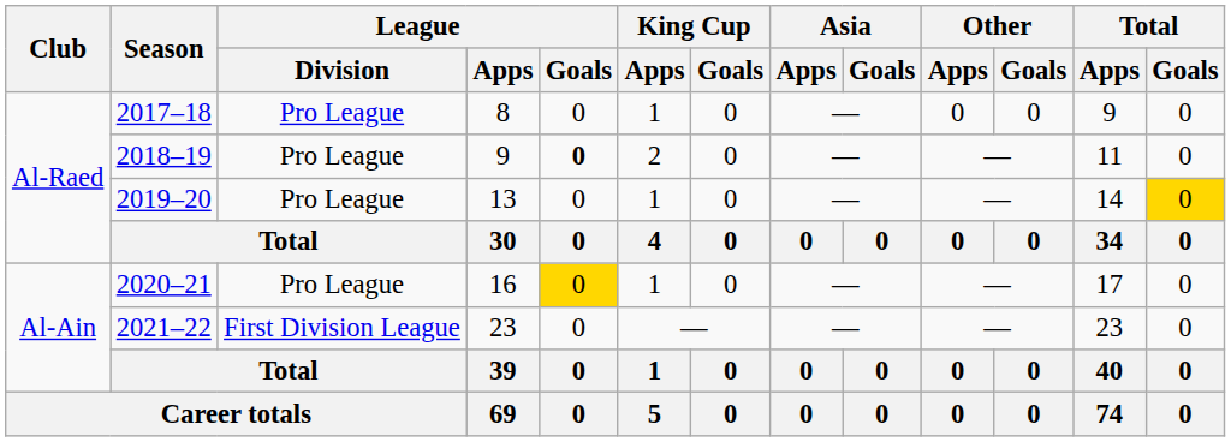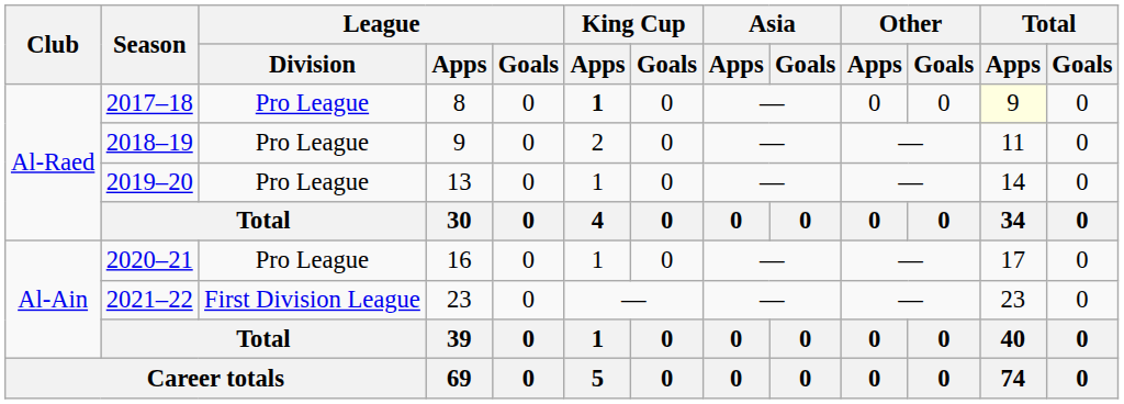 <table class="wikitable" style="text-align: center">
 <tr>
 <th rowspan=2>Club</th>
 <th rowspan=2>Season</th>
 <th colspan=3>League</th>
 <th colspan=2>King Cup</th>
 <th colspan=2>Asia</th>
 <th colspan=2>Other</th>
 <th colspan=2>Total</th>
 </tr>
 <tr>
 <th>Division</th>
 <th>Apps</th>
 <th>Goals</th>
 <th>Apps</th>
 <th>Goals</th>
 <th>Apps</th>
 <th>Goals</th>
 <th>Apps</th>
 <th>Goals</th>
 <th>Apps</th>
 <th>Goals</th>
 </tr>
 <tr>
 <td rowspan=4><a href='#'>Al-Raed</a></td>
 <td><a href='#'>2017–18</a></td>
 <td><a href='#'>Pro League</a></td>
 <td>8</td>
 <td>0</td>
-<td>1</td>
+<td><strong>1</strong></td>
 <td>0</td>
 <td colspan=2>—</td>
 <td>0</td>
 <td>0</td>
-<td>9</td>
+<td style="background: lightyellow;">9</td>
 <td>0</td>
 </tr>
 <tr>
 <td><a href='#'>2018–19</a></td>
 <td>Pro League</td>
 <td>9</td>
-<td><strong>0</strong></td>
+<td>0</td>
 <td>2</td>
 <td>0</td>
 <td colspan=2>—</td>
 <td colspan=2>—</td>
 <td>11</td>
 <td>0</td>
 </tr>
 <tr>
 <td><a href='#'>2019–20</a></td>
 <td>Pro League</td>
 <td>13</td>
 <td>0</td>
 <td>1</td>
 <td>0</td>
 <td colspan=2>—</td>
 <td colspan=2>—</td>
 <td>14</td>
-<td style="background: gold;">0</td>
+<td>0</td>
 </tr>
 <tr>
 <th colspan="2">Total</th>
 <th>30</th>
 <th>0</th>
 <th>4</th>
 <th>0</th>
 <th>0</th>
 <th>0</th>
 <th>0</th>
 <th>0</th>
 <th>34</th>
 <th>0</th>
 </tr>
 <tr>
 <td rowspan=3><a href='#'>Al-Ain</a></td>
 <td><a href='#'>2020–21</a></td>
 <td>Pro League</td>
 <td>16</td>
-<td style="background: gold;">0</td>
+<td>0</td>
 <td>1</td>
 <td>0</td>
 <td colspan=2>—</td>
 <td colspan=2>—</td>
 <td>17</td>
 <td>0</td>
 </tr>
 <tr>
 <td><a href='#'>2021–22</a></td>
 <td><a href='#'>First Division League</a></td>
 <td>23</td>
 <td>0</td>
 <td colspan=2>—</td>
 <td colspan=2>—</td>
 <td colspan=2>—</td>
 <td>23</td>
 <td>0</td>
 </tr>
 <tr>
 <th colspan="2">Total</th>
 <th>39</th>
 <th>0</th>
 <th>1</th>
 <th>0</th>
 <th>0</th>
 <th>0</th>
 <th>0</th>
 <th>0</th>
 <th>40</th>
 <th>0</th>
 </tr>
 <tr>
 <th colspan=3>Career totals</th>
 <th>69</th>
 <th>0</th>
 <th>5</th>
 <th>0</th>
 <th>0</th>
 <th>0</th>
 <th>0</th>
 <th>0</th>
 <th>74</th>
 <th>0</th>
 </tr>
 </table>
